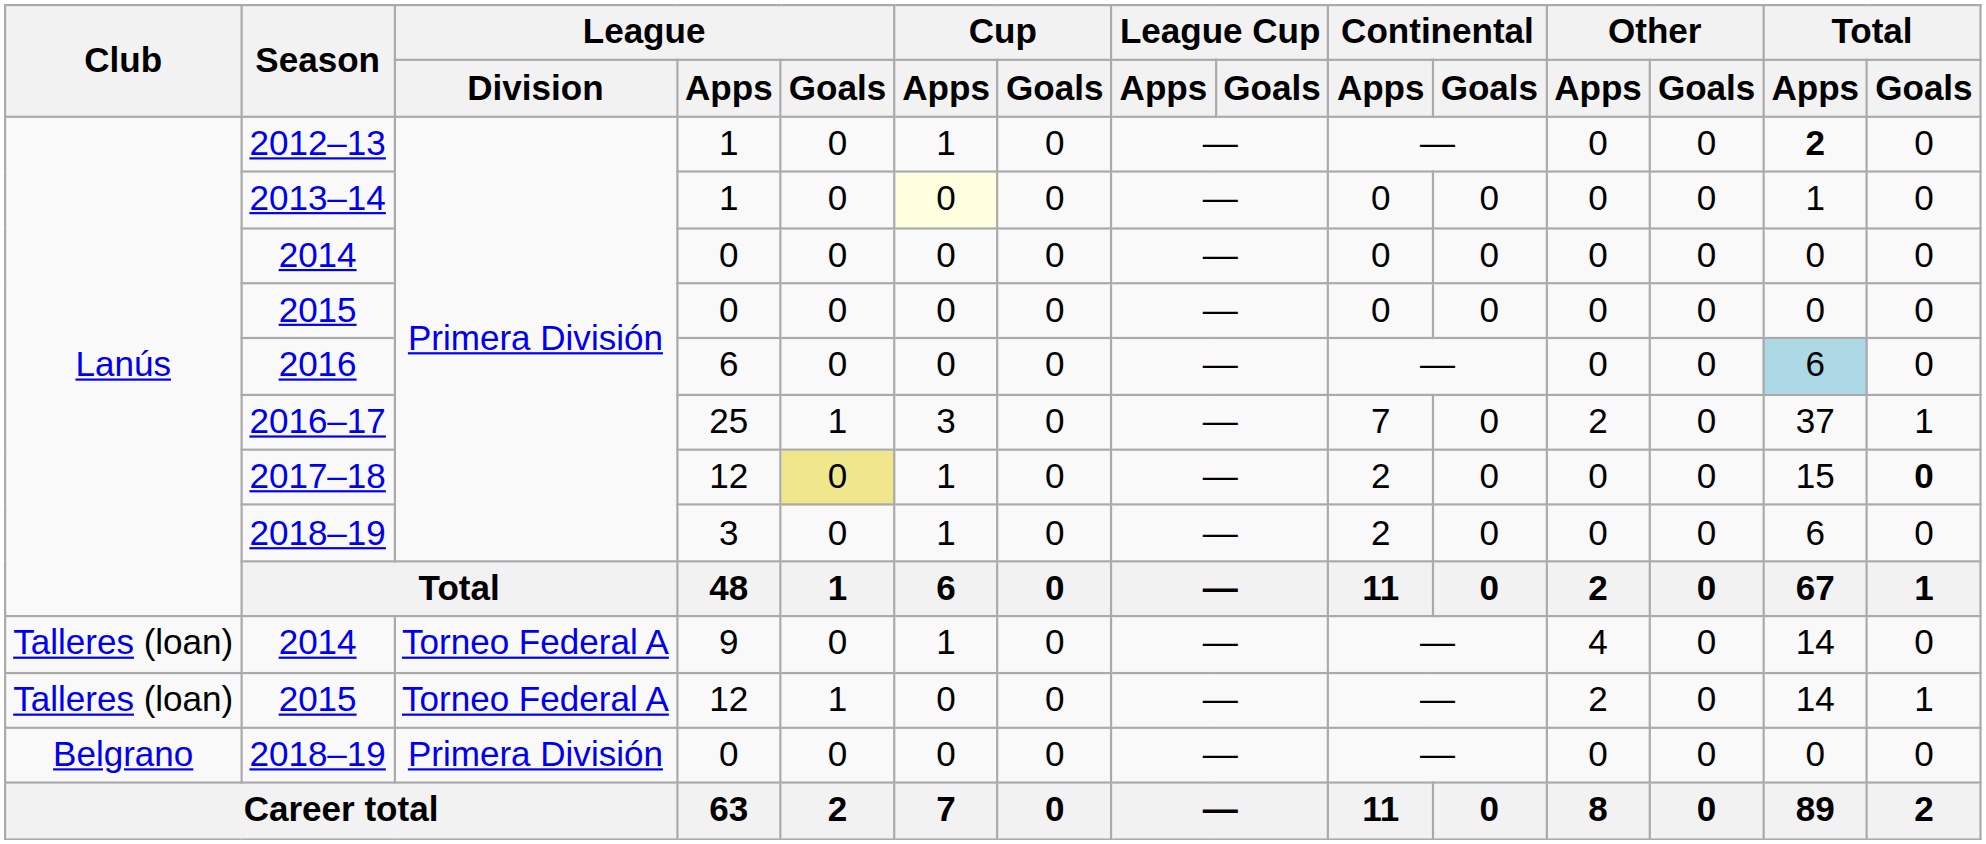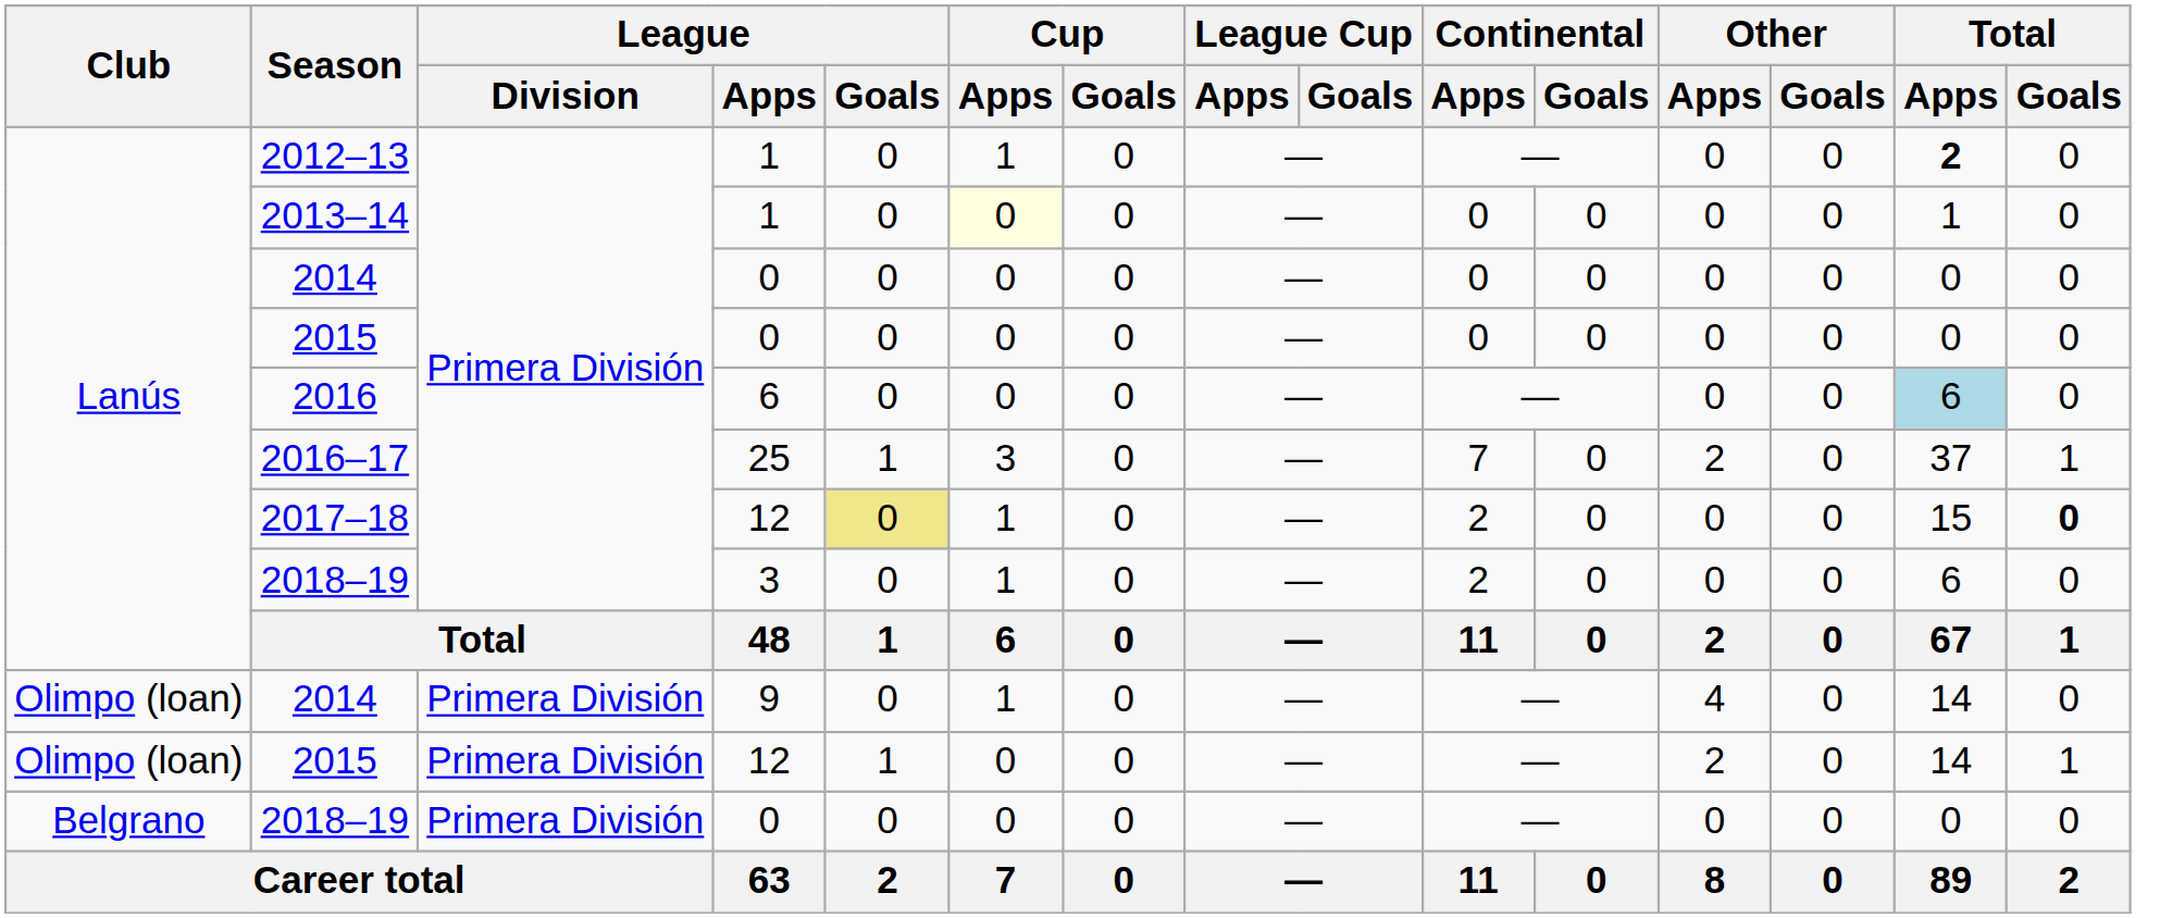 <table class="wikitable" style="text-align:center">
 <tr>
 <th rowspan="2">Club</th>
 <th rowspan="2">Season</th>
 <th colspan="3">League</th>
 <th colspan="2">Cup</th>
 <th colspan="2">League Cup</th>
 <th colspan="2">Continental</th>
 <th colspan="2">Other</th>
 <th colspan="2">Total</th>
 </tr>
 <tr>
 <th>Division</th>
 <th>Apps</th>
 <th>Goals</th>
 <th>Apps</th>
 <th>Goals</th>
 <th>Apps</th>
 <th>Goals</th>
 <th>Apps</th>
 <th>Goals</th>
 <th>Apps</th>
 <th>Goals</th>
 <th>Apps</th>
 <th>Goals</th>
 </tr>
 <tr>
 <td rowspan="9"><a href='#'>Lanús</a></td>
 <td><a href='#'>2012–13</a></td>
 <td rowspan="8"><a href='#'>Primera División</a></td>
 <td>1</td>
 <td>0</td>
 <td>1</td>
 <td>0</td>
 <td colspan="2">—</td>
 <td colspan="2">—</td>
 <td>0</td>
 <td>0</td>
 <td><strong>2</strong></td>
 <td>0</td>
 </tr>
 <tr>
 <td><a href='#'>2013–14</a></td>
 <td>1</td>
 <td>0</td>
 <td style="background: lightyellow;">0</td>
 <td>0</td>
 <td colspan="2">—</td>
 <td>0</td>
 <td>0</td>
 <td>0</td>
 <td>0</td>
 <td>1</td>
 <td>0</td>
 </tr>
 <tr>
 <td><a href='#'>2014</a></td>
 <td>0</td>
 <td>0</td>
 <td>0</td>
 <td>0</td>
 <td colspan="2">—</td>
 <td>0</td>
 <td>0</td>
 <td>0</td>
 <td>0</td>
 <td>0</td>
 <td>0</td>
 </tr>
 <tr>
 <td><a href='#'>2015</a></td>
 <td>0</td>
 <td>0</td>
 <td>0</td>
 <td>0</td>
 <td colspan="2">—</td>
 <td>0</td>
 <td>0</td>
 <td>0</td>
 <td>0</td>
 <td>0</td>
 <td>0</td>
 </tr>
 <tr>
 <td><a href='#'>2016</a></td>
 <td>6</td>
 <td>0</td>
 <td>0</td>
 <td>0</td>
 <td colspan="2">—</td>
 <td colspan="2">—</td>
 <td>0</td>
 <td>0</td>
 <td style="background: lightblue;">6</td>
 <td>0</td>
 </tr>
 <tr>
 <td><a href='#'>2016–17</a></td>
 <td>25</td>
 <td>1</td>
 <td>3</td>
 <td>0</td>
 <td colspan="2">—</td>
 <td>7</td>
 <td>0</td>
 <td>2</td>
 <td>0</td>
 <td>37</td>
 <td>1</td>
 </tr>
 <tr>
 <td><a href='#'>2017–18</a></td>
 <td>12</td>
 <td style="background: khaki;">0</td>
 <td>1</td>
 <td>0</td>
 <td colspan="2">—</td>
 <td>2</td>
 <td>0</td>
 <td>0</td>
 <td>0</td>
 <td>15</td>
 <td><strong>0</strong></td>
 </tr>
 <tr>
 <td><a href='#'>2018–19</a></td>
 <td>3</td>
 <td>0</td>
 <td>1</td>
 <td>0</td>
 <td colspan="2">—</td>
 <td>2</td>
 <td>0</td>
 <td>0</td>
 <td>0</td>
 <td>6</td>
 <td>0</td>
 </tr>
 <tr>
 <th colspan="2">Total</th>
 <th>48</th>
 <th>1</th>
 <th>6</th>
 <th>0</th>
 <th colspan="2">—</th>
 <th>11</th>
 <th>0</th>
 <th>2</th>
 <th>0</th>
 <th>67</th>
 <th>1</th>
 </tr>
 <tr>
-<td rowspan="1"><a href='#'>Talleres</a> (loan)</td>
+<td rowspan="1"><a href='#'>Olimpo</a> (loan)</td>
 <td><a href='#'>2014</a></td>
-<td rowspan="1"><a href='#'>Torneo Federal A</a></td>
+<td rowspan="1"><a href='#'>Primera División</a></td>
 <td>9</td>
 <td>0</td>
 <td>1</td>
 <td>0</td>
 <td colspan="2">—</td>
 <td colspan="2">—</td>
 <td>4</td>
 <td>0</td>
 <td>14</td>
 <td>0</td>
 </tr>
 <tr>
-<td rowspan="1"><a href='#'>Talleres</a> (loan)</td>
+<td rowspan="1"><a href='#'>Olimpo</a> (loan)</td>
 <td><a href='#'>2015</a></td>
-<td rowspan="1"><a href='#'>Torneo Federal A</a></td>
+<td rowspan="1"><a href='#'>Primera División</a></td>
 <td>12</td>
 <td>1</td>
 <td>0</td>
 <td>0</td>
 <td colspan="2">—</td>
 <td colspan="2">—</td>
 <td>2</td>
 <td>0</td>
 <td>14</td>
 <td>1</td>
 </tr>
 <tr>
 <td rowspan="1"><a href='#'>Belgrano</a></td>
 <td><a href='#'>2018–19</a></td>
 <td rowspan="1"><a href='#'>Primera División</a></td>
 <td>0</td>
 <td>0</td>
 <td>0</td>
 <td>0</td>
 <td colspan="2">—</td>
 <td colspan="2">—</td>
 <td>0</td>
 <td>0</td>
 <td>0</td>
 <td>0</td>
 </tr>
 <tr>
 <th colspan="3">Career total</th>
 <th>63</th>
 <th>2</th>
 <th>7</th>
 <th>0</th>
 <th colspan="2">—</th>
 <th>11</th>
 <th>0</th>
 <th>8</th>
 <th>0</th>
 <th>89</th>
 <th>2</th>
 </tr>
 </table>
